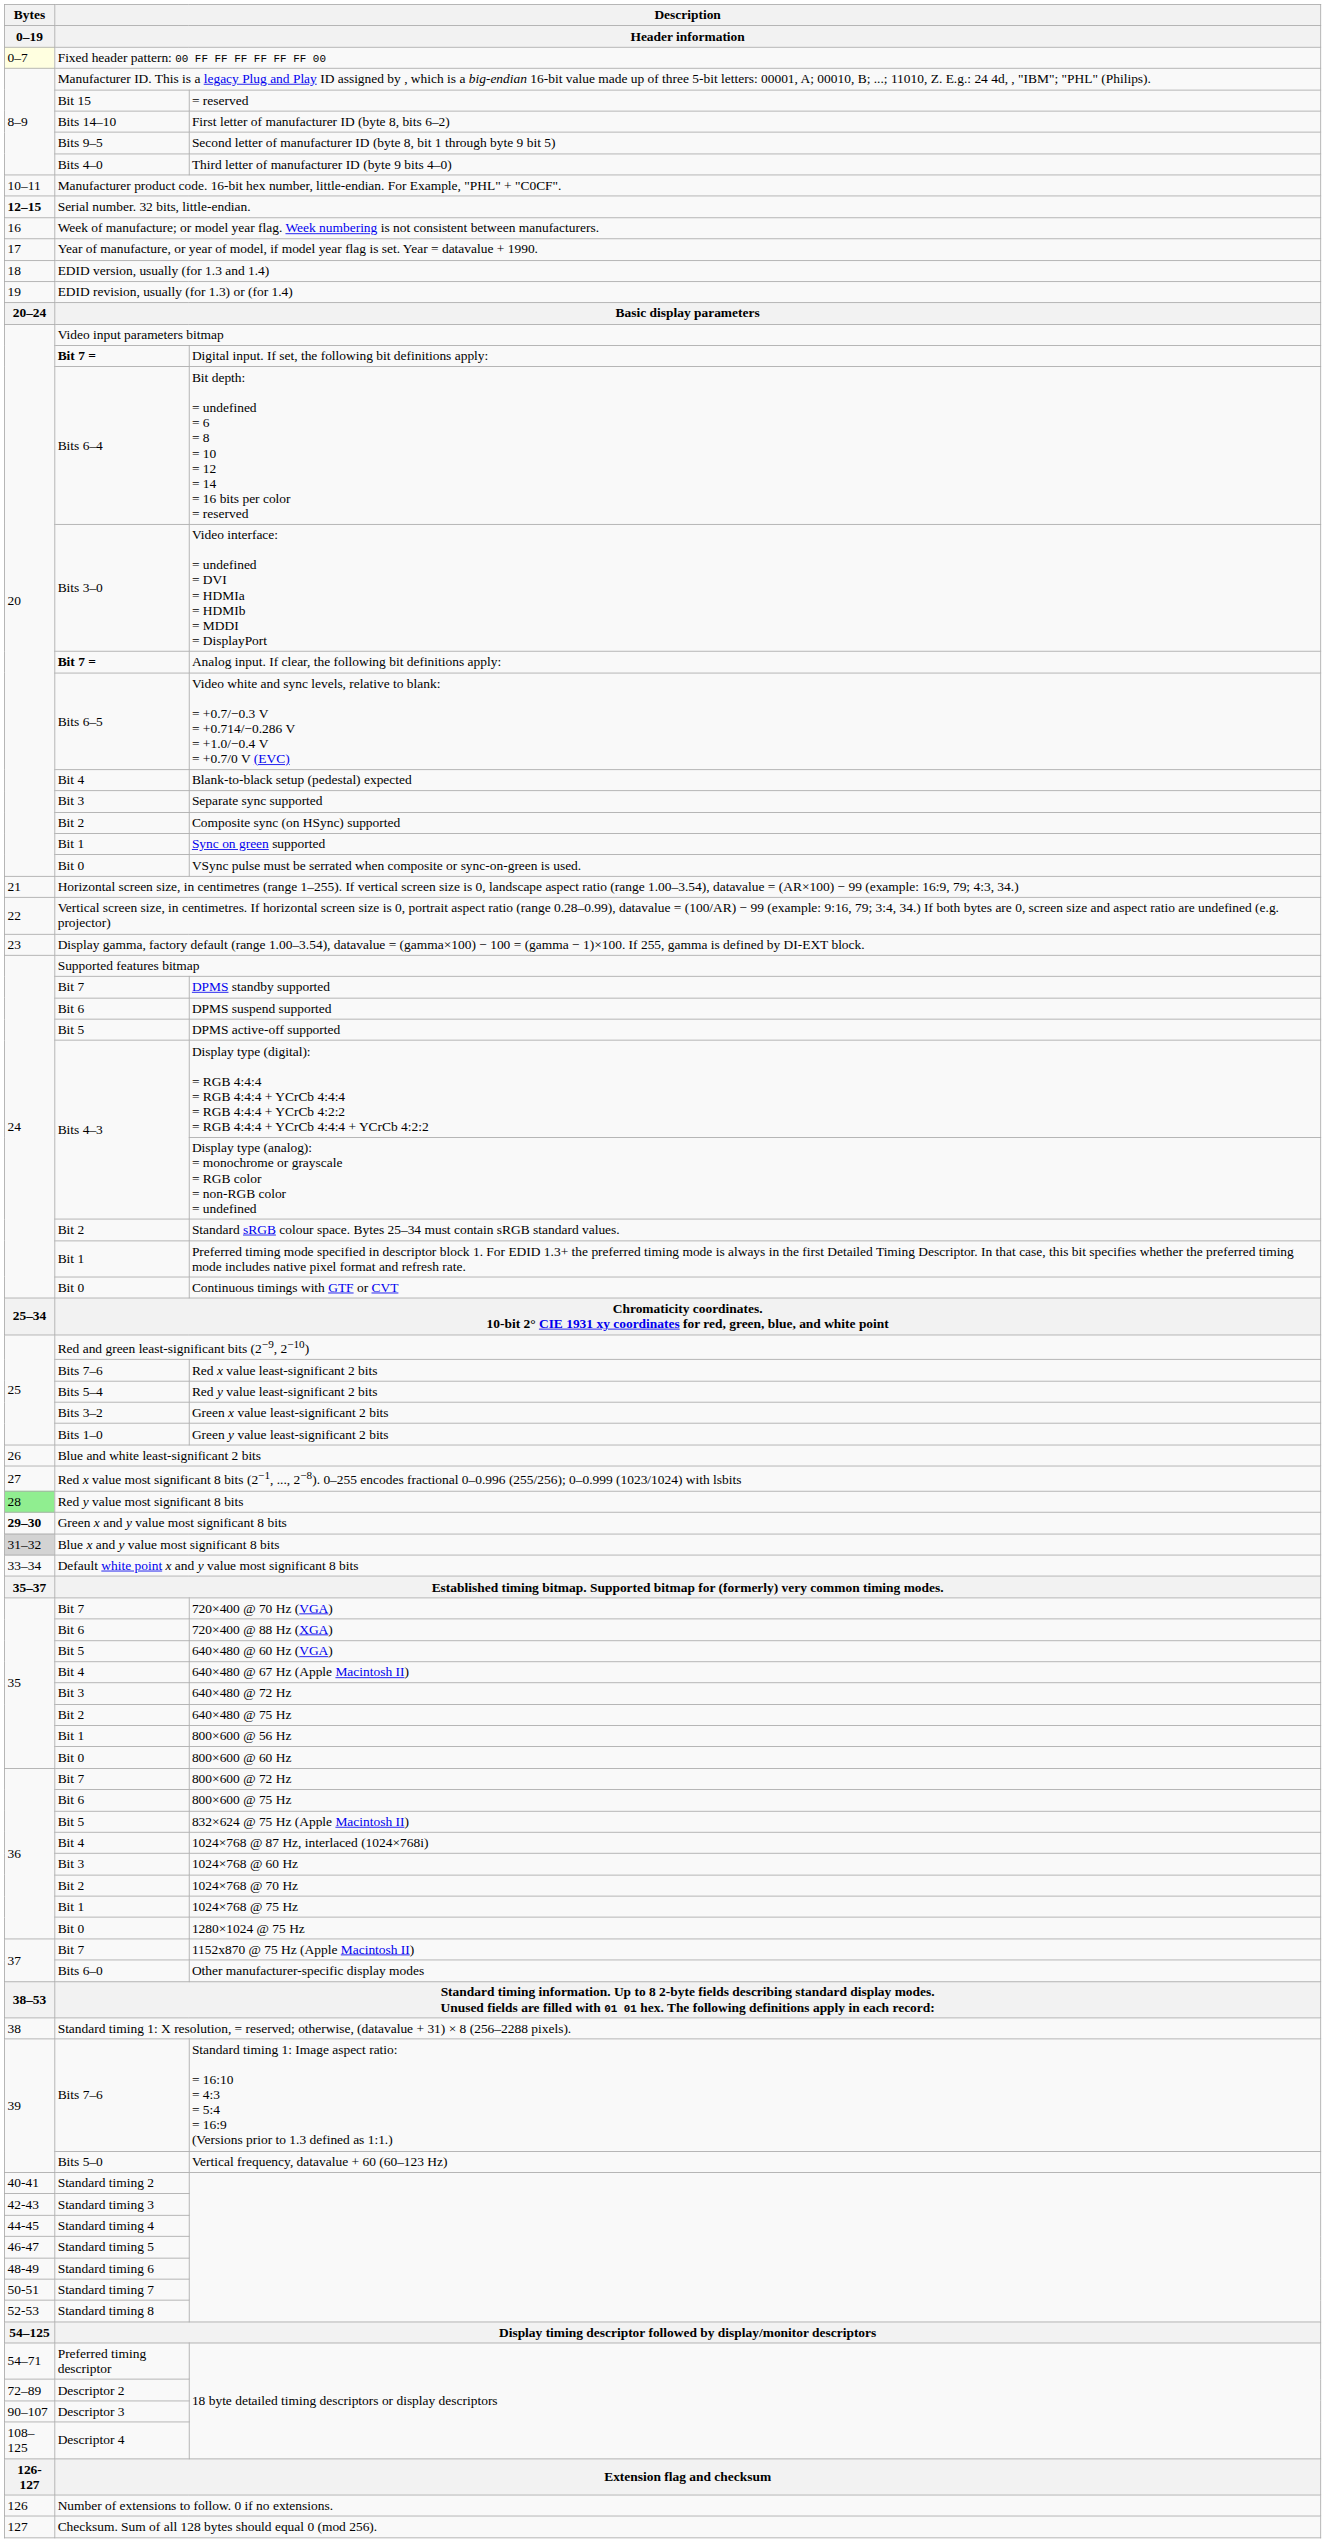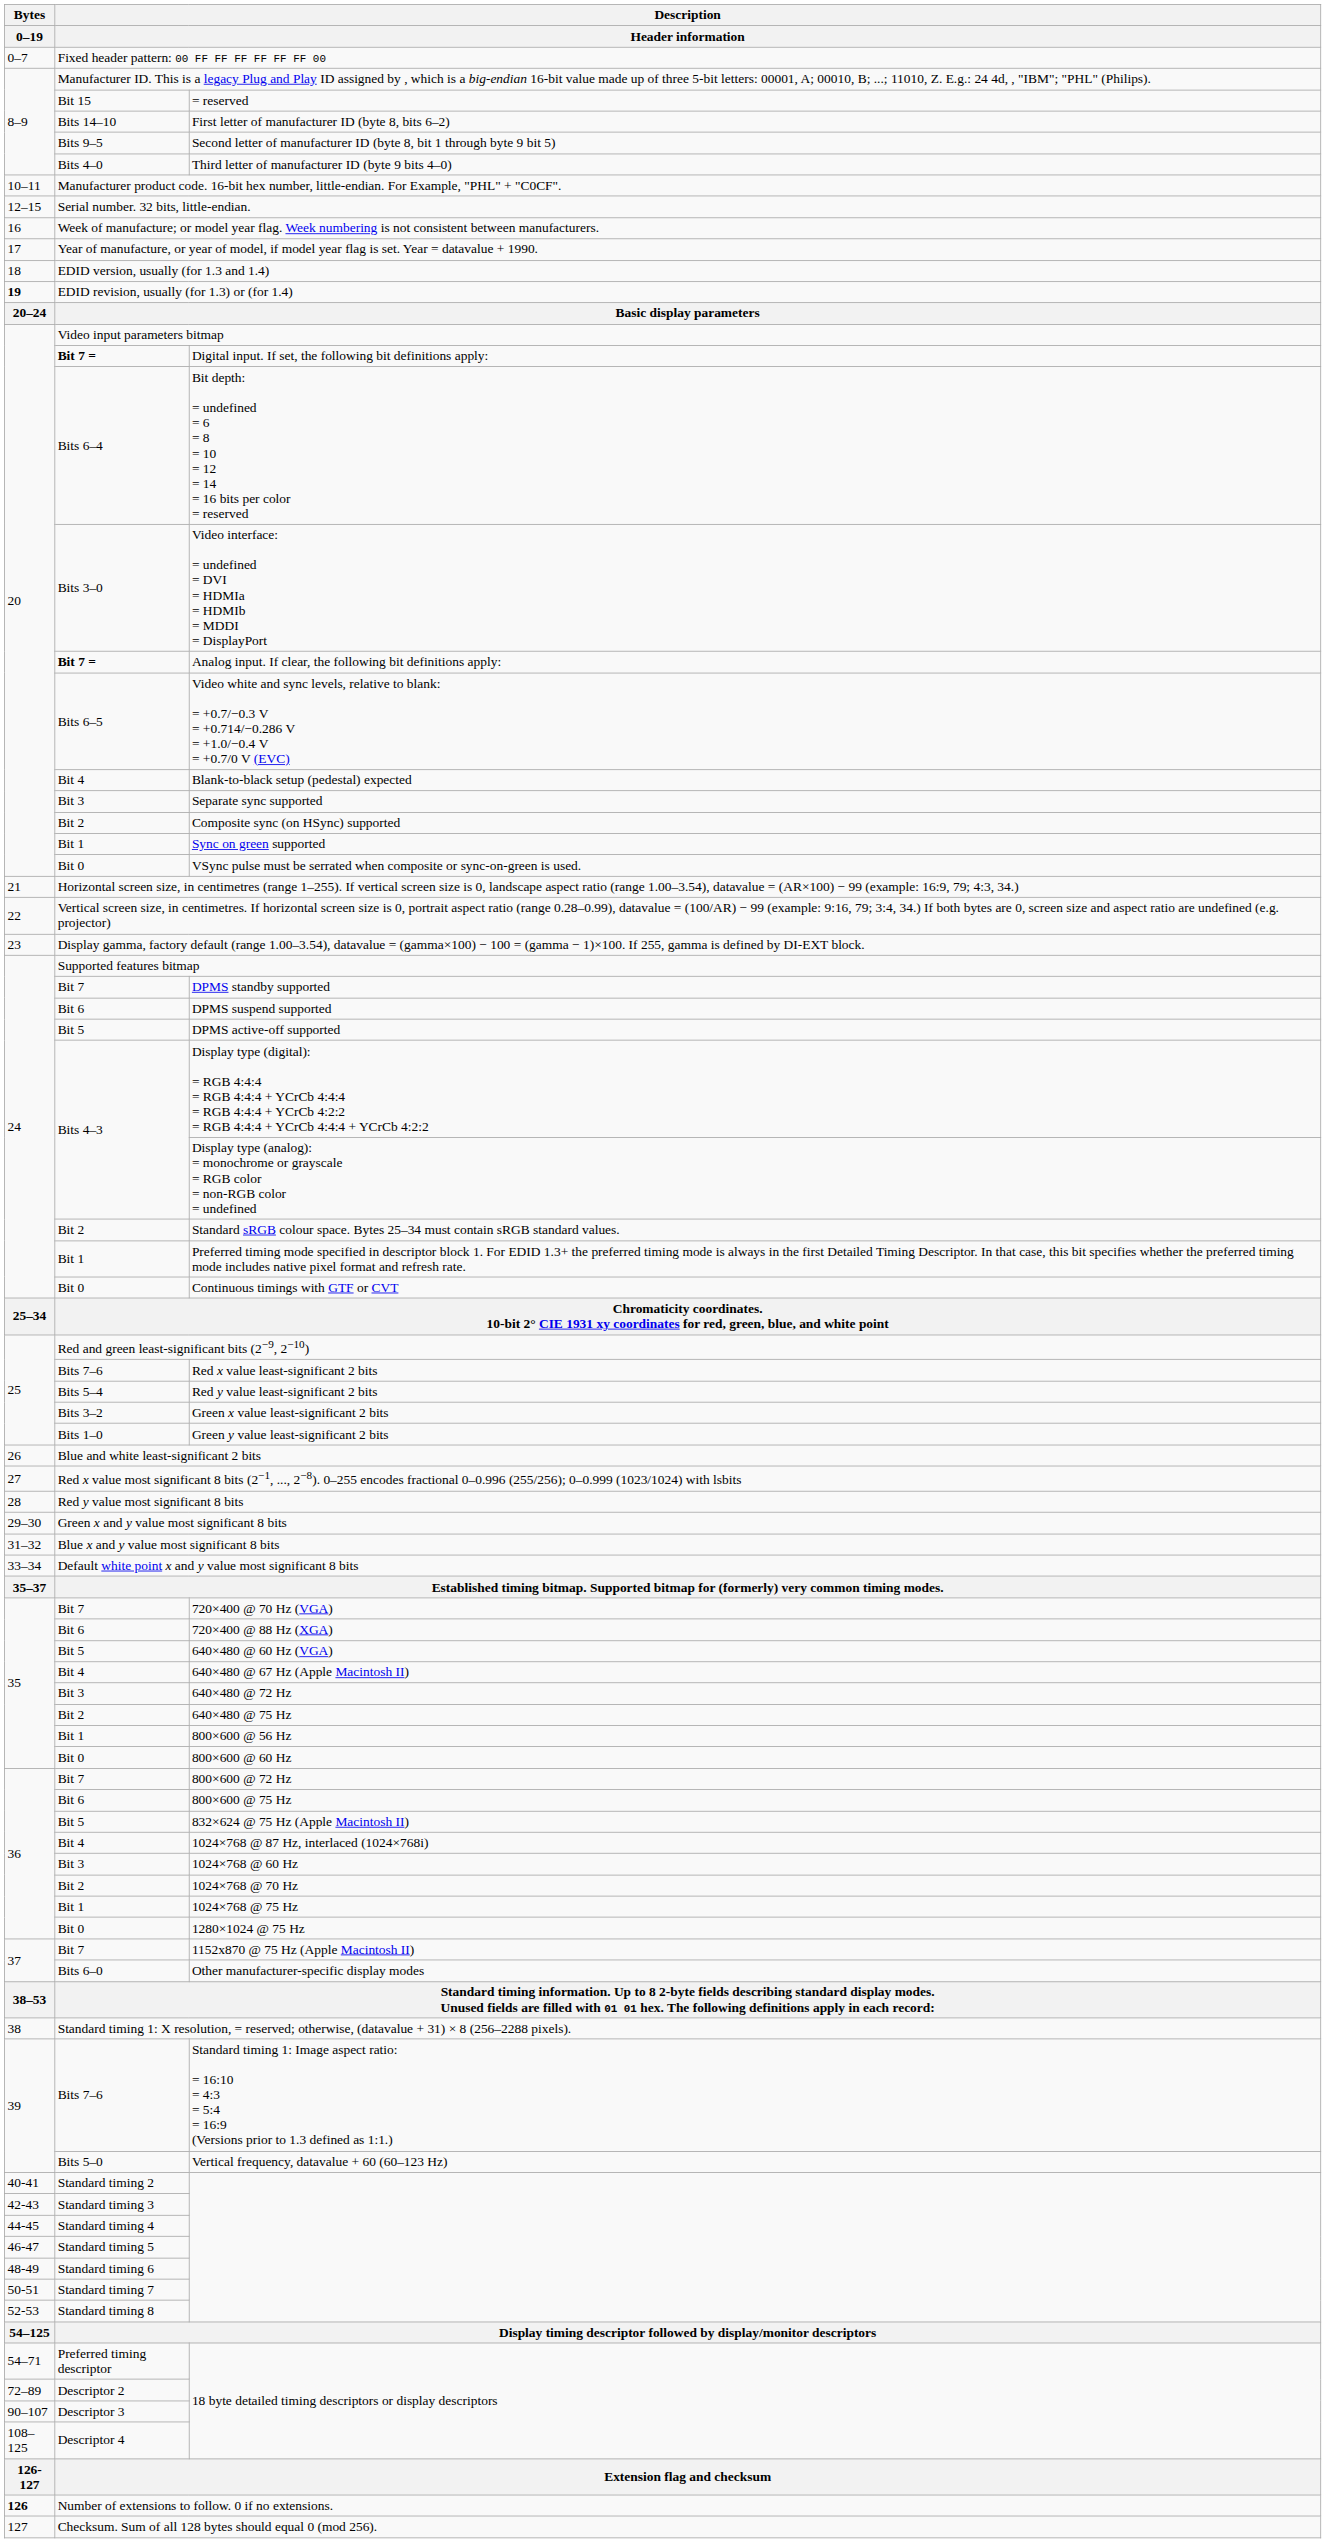 <table class=wikitable>
 <tr>
 <th>Bytes</th>
 <th colspan=2>Description</th>
 </tr>
 <tr>
 <th>0–19</th>
 <th colspan=2>Header information</th>
 </tr>
 <tr>
-<td style="background: lightyellow;">0–7</td>
+<td>0–7</td>
 <td colspan=2>Fixed header pattern: <code>00 FF FF FF FF FF FF 00</code></td>
 </tr>
 <tr>
 <td rowspan=5>8–9</td>
 <td colspan=2>Manufacturer ID. This is a <a href='#'>legacy Plug and Play</a> ID assigned by , which is a <em>big-endian</em> 16-bit value made up of three 5-bit letters: 00001, A; 00010,  B; ...; 11010, Z.  E.g.: 24 4d,    , "IBM"; "PHL" (Philips).</td>
 </tr>
 <tr>
 <td>Bit 15</td>
 <td> = reserved</td>
 </tr>
 <tr>
 <td>Bits 14–10</td>
 <td>First letter of manufacturer ID (byte 8, bits 6–2)</td>
 </tr>
 <tr>
 <td>Bits 9–5</td>
 <td>Second letter of manufacturer ID (byte 8, bit 1 through byte 9 bit 5)</td>
 </tr>
 <tr>
 <td>Bits 4–0</td>
 <td>Third letter of manufacturer ID (byte 9 bits 4–0)</td>
 </tr>
 <tr>
 <td>10–11</td>
 <td colspan=2>Manufacturer product code. 16-bit hex number, little-endian. For Example, "PHL" + "C0CF".</td>
 </tr>
 <tr>
-<td><strong>12–15</strong></td>
+<td>12–15</td>
 <td colspan=2>Serial number. 32 bits, little-endian.</td>
 </tr>
 <tr>
 <td>16</td>
 <td colspan=2>Week of manufacture; or  model year flag. <a href='#'>Week numbering</a> is not consistent between manufacturers.</td>
 </tr>
 <tr>
 <td>17</td>
 <td colspan=2>Year of manufacture, or year of model, if model year flag is set. Year = datavalue + 1990.</td>
 </tr>
 <tr>
 <td>18</td>
 <td colspan=2>EDID version, usually  (for 1.3 and 1.4)</td>
 </tr>
 <tr>
-<td>19</td>
+<td><strong>19</strong></td>
 <td colspan=2>EDID revision, usually  (for 1.3) or  (for 1.4)</td>
 </tr>
 <tr>
 <th>20–24</th>
 <th colspan=2>Basic display parameters</th>
 </tr>
 <tr>
 <td rowspan=11>20</td>
 <td colspan=2>Video input parameters bitmap</td>
 </tr>
 <tr>
 <td><strong>Bit 7 = </strong></td>
 <td>Digital input.  If set, the following bit definitions apply:</td>
 </tr>
 <tr>
 <td>Bits 6–4</td>
 <td>Bit depth: <br><br> = undefined<br>  = 6<br>  = 8<br>  = 10<br>  = 12<br>  = 14<br>  = 16 bits per color <br>  = reserved</td>
 </tr>
 <tr>
 <td>Bits 3–0</td>
 <td>Video interface: <br><br> = undefined<br>  = DVI<br>  = HDMIa<br>  = HDMIb<br>  = MDDI<br>  = DisplayPort</td>
 </tr>
 <tr>
 <td><strong>Bit 7 = </strong></td>
 <td>Analog input.  If clear, the following bit definitions apply:</td>
 </tr>
 <tr>
 <td>Bits 6–5</td>
 <td>Video white and sync levels, relative to blank: <br><br> = +0.7/−0.3 V <br>  = +0.714/−0.286 V <br>  = +1.0/−0.4 V <br>  = +0.7/0 V <a href='#'>(EVC)</a></td>
 </tr>
 <tr>
 <td>Bit 4</td>
 <td>Blank-to-black setup (pedestal) expected</td>
 </tr>
 <tr>
 <td>Bit 3</td>
 <td>Separate sync supported</td>
 </tr>
 <tr>
 <td>Bit 2</td>
 <td>Composite sync (on HSync) supported</td>
 </tr>
 <tr>
 <td>Bit 1</td>
 <td><a href='#'>Sync on green</a> supported</td>
 </tr>
 <tr>
 <td>Bit 0</td>
 <td>VSync pulse must be serrated when composite or sync-on-green is used.</td>
 </tr>
 <tr>
 <td>21</td>
 <td colspan=2>Horizontal screen size, in centimetres (range 1–255). If vertical screen size is 0, landscape aspect ratio (range 1.00–3.54), datavalue = (AR×100) − 99 (example: 16:9, 79; 4:3, 34.)</td>
 </tr>
 <tr>
 <td>22</td>
 <td colspan=2>Vertical screen size, in centimetres. If horizontal screen size is 0, portrait aspect ratio (range 0.28–0.99), datavalue = (100/AR) − 99 (example: 9:16, 79; 3:4, 34.) If both bytes are 0, screen size and aspect ratio are undefined (e.g. projector)</td>
 </tr>
 <tr>
 <td>23</td>
 <td colspan=2>Display gamma, factory default (range 1.00–3.54), datavalue = (gamma×100) − 100 = (gamma − 1)×100. If 255, gamma is defined by DI-EXT block.</td>
 </tr>
 <tr>
 <td rowspan=9>24</td>
 <td colspan=2>Supported features bitmap</td>
 </tr>
 <tr>
 <td>Bit 7</td>
 <td><a href='#'>DPMS</a> standby supported</td>
 </tr>
 <tr>
 <td>Bit 6</td>
 <td>DPMS suspend supported</td>
 </tr>
 <tr>
 <td>Bit 5</td>
 <td>DPMS active-off supported</td>
 </tr>
 <tr>
 <td rowspan=2>Bits 4–3</td>
 <td>Display type (digital): <br><br> = RGB 4:4:4<br>  = RGB 4:4:4 + YCrCb 4:4:4<br>  = RGB 4:4:4 + YCrCb 4:2:2<br>  = RGB 4:4:4 + YCrCb 4:4:4 + YCrCb 4:2:2</td>
 </tr>
 <tr>
 <td>Display type (analog):<br> = monochrome or grayscale<br>  = RGB color<br>  = non-RGB color<br>  = undefined</td>
 </tr>
 <tr>
 <td>Bit 2</td>
 <td>Standard <a href='#'>sRGB</a> colour space.  Bytes 25–34 must contain sRGB standard values.</td>
 </tr>
 <tr>
 <td>Bit 1</td>
 <td>Preferred timing mode specified in descriptor block 1. For EDID 1.3+ the preferred timing mode is always in the first Detailed Timing Descriptor. In that case, this bit specifies whether the preferred timing mode includes native pixel format and refresh rate.</td>
 </tr>
 <tr>
 <td>Bit 0</td>
 <td>Continuous timings with <a href='#'>GTF</a> or <a href='#'>CVT</a></td>
 </tr>
 <tr>
 <th>25–34</th>
 <th colspan=2>Chromaticity coordinates.<br> 10-bit 2° <a href='#'>CIE 1931 xy coordinates</a> for red, green, blue, and white point</th>
 </tr>
 <tr>
 <td rowspan=5>25</td>
 <td colspan=2>Red and green least-significant bits (2<sup>−9</sup>, 2<sup>−10</sup>)</td>
 </tr>
 <tr>
 <td>Bits 7–6</td>
 <td>Red <em>x</em> value least-significant 2 bits</td>
 </tr>
 <tr>
 <td>Bits 5–4</td>
 <td>Red <em>y</em> value least-significant 2 bits</td>
 </tr>
 <tr>
 <td>Bits 3–2</td>
 <td>Green <em>x</em> value least-significant 2 bits</td>
 </tr>
 <tr>
 <td>Bits 1–0</td>
 <td>Green <em>y</em> value least-significant 2 bits</td>
 </tr>
 <tr>
 <td>26</td>
 <td colspan=2>Blue and white least-significant 2 bits</td>
 </tr>
 <tr>
 <td>27</td>
 <td colspan=2>Red <em>x</em> value most significant 8 bits (2<sup>−1</sup>, ..., 2<sup>−8</sup>).  0–255 encodes fractional 0–0.996 (255/256); 0–0.999 (1023/1024) with lsbits</td>
 </tr>
 <tr>
-<td style="background: lightgreen;">28</td>
+<td>28</td>
 <td colspan=2>Red <em>y</em> value most significant 8 bits</td>
 </tr>
 <tr>
-<td><strong>29–30</strong></td>
+<td>29–30</td>
 <td colspan=2>Green <em>x</em> and <em>y</em> value most significant 8 bits</td>
 </tr>
 <tr>
-<td style="background: lightgrey;">31–32</td>
+<td>31–32</td>
 <td colspan=2>Blue <em>x</em> and <em>y</em> value most significant 8 bits</td>
 </tr>
 <tr>
 <td>33–34</td>
 <td colspan=2>Default <a href='#'>white point</a> <em>x</em> and <em>y</em> value most significant 8 bits</td>
 </tr>
 <tr>
 <th>35–37</th>
 <th colspan=2>Established timing bitmap.  Supported bitmap for (formerly) very common timing modes.</th>
 </tr>
 <tr>
 <td rowspan=8>35</td>
 <td>Bit 7</td>
 <td>720×400 @ 70 Hz (<a href='#'>VGA</a>)</td>
 </tr>
 <tr>
 <td>Bit 6</td>
 <td>720×400 @ 88 Hz (<a href='#'>XGA</a>)</td>
 </tr>
 <tr>
 <td>Bit 5</td>
 <td>640×480 @ 60 Hz (<a href='#'>VGA</a>)</td>
 </tr>
 <tr>
 <td>Bit 4</td>
 <td>640×480 @ 67 Hz (Apple <a href='#'>Macintosh II</a>)</td>
 </tr>
 <tr>
 <td>Bit 3</td>
 <td>640×480 @ 72 Hz</td>
 </tr>
 <tr>
 <td>Bit 2</td>
 <td>640×480 @ 75 Hz</td>
 </tr>
 <tr>
 <td>Bit 1</td>
 <td>800×600 @ 56 Hz</td>
 </tr>
 <tr>
 <td>Bit 0</td>
 <td>800×600 @ 60 Hz</td>
 </tr>
 <tr>
 <td rowspan=8>36</td>
 <td>Bit 7</td>
 <td>800×600 @ 72 Hz</td>
 </tr>
 <tr>
 <td>Bit 6</td>
 <td>800×600 @ 75 Hz</td>
 </tr>
 <tr>
 <td>Bit 5</td>
 <td>832×624 @ 75 Hz (Apple <a href='#'>Macintosh II</a>)</td>
 </tr>
 <tr>
 <td>Bit 4</td>
 <td>1024×768 @ 87 Hz, interlaced (1024×768i)</td>
 </tr>
 <tr>
 <td>Bit 3</td>
 <td>1024×768 @ 60 Hz</td>
 </tr>
 <tr>
 <td>Bit 2</td>
 <td>1024×768 @ 70 Hz</td>
 </tr>
 <tr>
 <td>Bit 1</td>
 <td>1024×768 @ 75 Hz</td>
 </tr>
 <tr>
 <td>Bit 0</td>
 <td>1280×1024 @ 75 Hz</td>
 </tr>
 <tr>
 <td rowspan=2>37</td>
 <td>Bit 7</td>
 <td>1152x870 @ 75 Hz (Apple <a href='#'>Macintosh II</a>)</td>
 </tr>
 <tr>
 <td>Bits 6–0</td>
 <td>Other manufacturer-specific display modes</td>
 </tr>
 <tr>
 <th>38–53</th>
 <th colspan=2>Standard timing information.  Up to 8 2-byte fields describing standard display modes.<br>Unused fields are filled with <code>01 01</code> hex.  The following definitions apply in each record:</th>
 </tr>
 <tr>
 <td>38</td>
 <td colspan=2>Standard timing 1: X resolution,  = reserved; otherwise, (datavalue + 31) × 8 (256–2288 pixels).</td>
 </tr>
 <tr>
 <td rowspan=2>39</td>
 <td>Bits 7–6</td>
 <td>Standard timing 1: Image aspect ratio: <br><br> = 16:10<br>  = 4:3<br>  = 5:4<br>  = 16:9<br> (Versions prior to 1.3 defined  as 1:1.)</td>
 </tr>
 <tr>
 <td>Bits 5–0</td>
 <td>Vertical frequency, datavalue + 60 (60–123 Hz)</td>
 </tr>
 <tr>
 <td>40-41</td>
 <td>Standard timing 2</td>
 </tr>
 <tr>
 <td>42-43</td>
 <td>Standard timing 3</td>
 </tr>
 <tr>
 <td>44-45</td>
 <td>Standard timing 4</td>
 </tr>
 <tr>
 <td>46-47</td>
 <td>Standard timing 5</td>
 </tr>
 <tr>
 <td>48-49</td>
 <td>Standard timing 6</td>
 </tr>
 <tr>
 <td>50-51</td>
 <td>Standard timing 7</td>
 </tr>
 <tr>
 <td>52-53</td>
 <td>Standard timing 8</td>
 </tr>
 <tr>
 <th>54–125</th>
 <th colspan=2>Display timing descriptor followed by display/monitor descriptors</th>
 </tr>
 <tr>
 <td>54–71</td>
 <td>Preferred timing descriptor</td>
 <td rowspan=4>18 byte detailed timing descriptors or display descriptors</td>
 </tr>
 <tr>
 <td>72–89</td>
 <td>Descriptor 2</td>
 </tr>
 <tr>
 <td>90–107</td>
 <td>Descriptor 3</td>
 </tr>
 <tr>
 <td>108–125</td>
 <td>Descriptor 4</td>
 </tr>
 <tr>
 <th>126-127</th>
 <th colspan=2>Extension flag and checksum</th>
 </tr>
 <tr>
-<td>126</td>
+<td><strong>126</strong></td>
 <td colspan=2>Number of extensions to follow.  0 if no extensions.</td>
 </tr>
 <tr>
 <td>127</td>
 <td colspan=2>Checksum.  Sum of all 128 bytes should equal 0 (mod 256).</td>
 </tr>
 </table>
